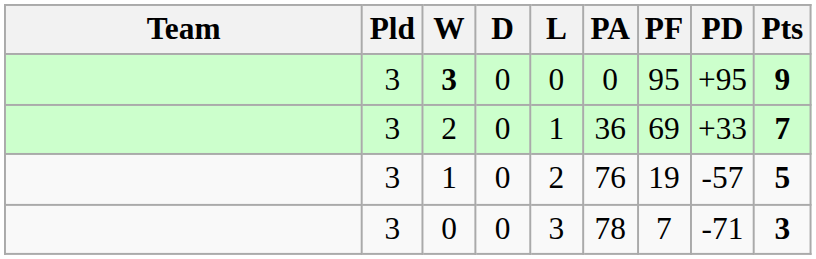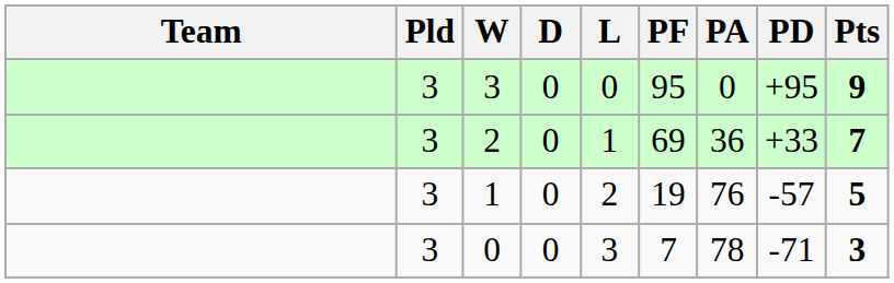 <table class="wikitable" style="text-align:center;">
 <tr>
 <th width=175>Team</th>
 <th width=20 abbr="Played">Pld</th>
 <th width=20 abbr="Won">W</th>
 <th width=20 abbr="Drawn">D</th>
 <th width=20 abbr="Lost">L</th>
+<th width=20 abbr="Points for">PF</th>
 <th width=20 abbr="Points against">PA</th>
-<th width=20 abbr="Points for">PF</th>
 <th width=25 abbr="Points difference">PD</th>
 <th width=20 abbr="Points">Pts</th>
 </tr>
 <tr bgcolor=ccffcc>
 <td align=left></td>
 <td>3</td>
-<td><strong>3</strong></td>
-<td>0</td>
+<td>3</td>
 <td>0</td>
 <td>0</td>
 <td>95</td>
+<td>0</td>
 <td>+95</td>
 <td><strong>9</strong></td>
 </tr>
 <tr bgcolor=ccffcc>
 <td align=left></td>
 <td>3</td>
 <td>2</td>
 <td>0</td>
 <td>1</td>
+<td>69</td>
 <td>36</td>
-<td>69</td>
 <td>+33</td>
 <td><strong>7</strong></td>
 </tr>
 <tr>
 <td align=left></td>
 <td>3</td>
 <td>1</td>
 <td>0</td>
 <td>2</td>
+<td>19</td>
 <td>76</td>
-<td>19</td>
 <td>-57</td>
 <td><strong>5</strong></td>
 </tr>
 <tr>
 <td align=left></td>
 <td>3</td>
 <td>0</td>
 <td>0</td>
 <td>3</td>
+<td>7</td>
 <td>78</td>
-<td>7</td>
 <td>-71</td>
 <td><strong>3</strong></td>
 </tr>
 </table>
